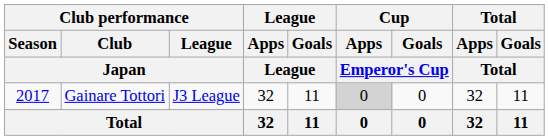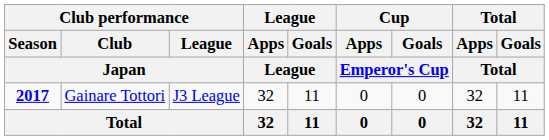 <table class="wikitable" style="text-align:center;">
 <tr>
 <th colspan=3>Club performance</th>
 <th colspan=2>League</th>
 <th colspan=2>Cup</th>
 <th colspan=2>Total</th>
 </tr>
 <tr>
 <th>Season</th>
 <th>Club</th>
 <th>League</th>
 <th>Apps</th>
 <th>Goals</th>
 <th>Apps</th>
 <th>Goals</th>
 <th>Apps</th>
 <th>Goals</th>
 </tr>
 <tr>
 <th colspan=3>Japan</th>
 <th colspan=2>League</th>
 <th colspan=2><a href='#'>Emperor's Cup</a></th>
 <th colspan=2>Total</th>
 </tr>
 <tr>
-<td><a href='#'>2017</a></td>
+<td><strong><a href='#'>2017</a></strong></td>
 <td rowspan="1"><a href='#'>Gainare Tottori</a></td>
 <td rowspan="1"><a href='#'>J3 League</a></td>
 <td>32</td>
 <td>11</td>
-<td style="background: lightgrey;">0</td>
+<td>0</td>
 <td>0</td>
 <td>32</td>
 <td>11</td>
 </tr>
 <tr>
 <th colspan=3>Total</th>
 <th>32</th>
 <th>11</th>
 <th>0</th>
 <th>0</th>
 <th>32</th>
 <th>11</th>
 </tr>
 </table>
